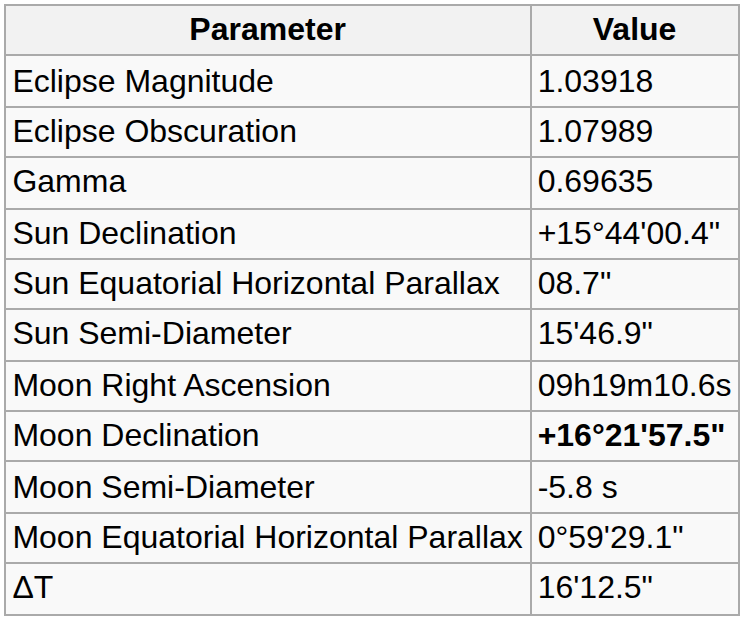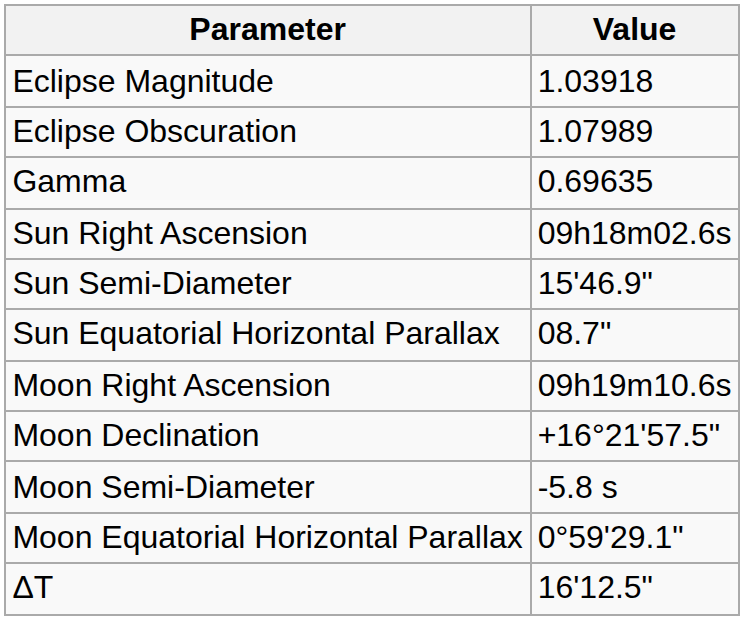 <table class="wikitable">
 <tr>
 <th>Parameter</th>
 <th>Value</th>
 </tr>
 <tr>
 <td>Eclipse Magnitude</td>
 <td>1.03918</td>
 </tr>
 <tr>
 <td>Eclipse Obscuration</td>
 <td>1.07989</td>
 </tr>
 <tr>
 <td>Gamma</td>
 <td>0.69635</td>
 </tr>
 <tr>
-<td>Sun Declination</td>
-<td>+15°44'00.4"</td>
+<td>Sun Right Ascension</td>
+<td>09h18m02.6s</td>
+</tr>
+<tr>
+<td>Sun Semi-Diameter</td>
+<td>15'46.9"</td>
 </tr>
 <tr>
 <td>Sun Equatorial Horizontal Parallax</td>
 <td>08.7"</td>
-</tr>
-<tr>
-<td>Sun Semi-Diameter</td>
-<td>15'46.9"</td>
 </tr>
 <tr>
 <td>Moon Right Ascension</td>
 <td>09h19m10.6s</td>
 </tr>
 <tr>
 <td>Moon Declination</td>
-<td><strong>+16°21'57.5"</strong></td>
+<td>+16°21'57.5"</td>
 </tr>
 <tr>
 <td>Moon Semi-Diameter</td>
 <td>-5.8 s</td>
 </tr>
 <tr>
 <td>Moon Equatorial Horizontal Parallax</td>
 <td>0°59'29.1"</td>
 </tr>
 <tr>
 <td>ΔT</td>
 <td>16'12.5"</td>
 </tr>
 </table>
